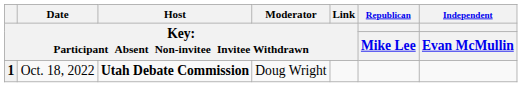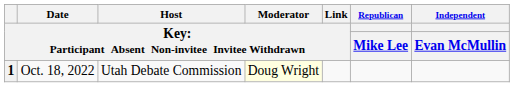 <table class="wikitable" style="text-align:center;">
 <tr style="font-size:small;">
 <th scope="col"></th>
 <th scope="col">Date</th>
 <th scope="col">Host</th>
 <th scope="col">Moderator</th>
 <th scope="col">Link</th>
 <th scope="col"><small><a href='#'>Republican</a></small></th>
 <th scope="col"><small><a href='#'>Independent</a></small></th>
 </tr>
 <tr>
 <th colspan="5" rowspan="2">Key:<br> <small>Participant </small>  <small>Absent </small>  <small>Non-invitee </small>  <small>Invitee  Withdrawn</small></th>
 <th scope="col" style="background:"></th>
 <th scope="col" style="background:"></th>
 </tr>
 <tr>
 <th scope="col"><a href='#'>Mike Lee</a></th>
 <th scope="col"><a href='#'>Evan McMullin</a></th>
 </tr>
 <tr>
 <th scope="row">1</th>
 <td style="white-space:nowrap;">Oct. 18, 2022</td>
-<td style="white-space:nowrap;"><strong>Utah Debate Commission</strong></td>
-<td style="white-space:nowrap;">Doug Wright</td>
+<td style="white-space:nowrap;">Utah Debate Commission</td>
+<td style="background: lightyellow; white-space:nowrap;">Doug Wright</td>
 <td style="white-space:nowrap;"></td>
 <td></td>
 <td></td>
 </tr>
 </table>
